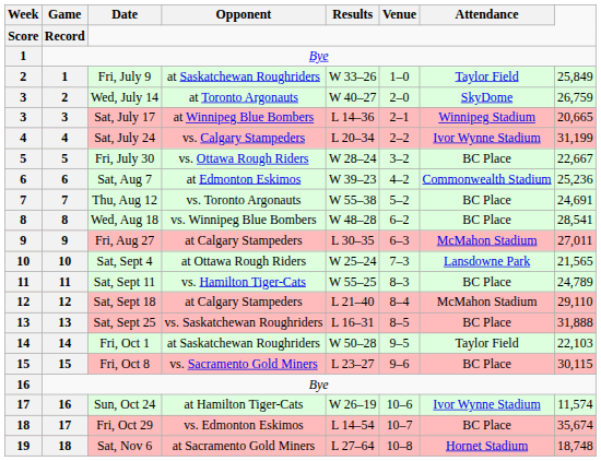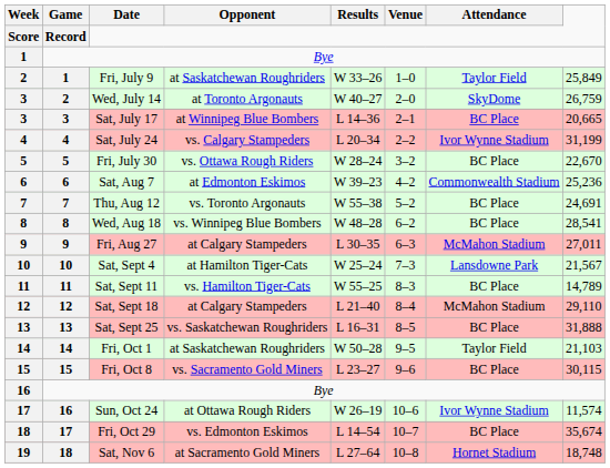 <table class="wikitable" style="text-align:center">
 <tr>
 <th>Week</th>
 <th>Game</th>
 <th>Date</th>
 <th>Opponent</th>
 <th>Results</th>
 <th>Venue</th>
 <th>Attendance</th>
 </tr>
 <tr>
 <th>Score</th>
 <th>Record</th>
 </tr>
 <tr>
 <th>1</th>
 <td colspan=7><em><a href='#'>Bye</a></em></td>
 </tr>
 <tr style="background:#ddffdd">
 <th>2</th>
 <th>1</th>
 <td>Fri, July 9</td>
 <td>at <a href='#'>Saskatchewan Roughriders</a></td>
 <td>W 33–26</td>
 <td>1–0</td>
 <td><a href='#'>Taylor Field</a></td>
 <td>25,849</td>
 </tr>
 <tr style="background:#ddffdd">
 <th>3</th>
 <th>2</th>
 <td>Wed, July 14</td>
 <td>at <a href='#'>Toronto Argonauts</a></td>
 <td>W 40–27</td>
 <td>2–0</td>
 <td><a href='#'>SkyDome</a></td>
 <td>26,759</td>
 </tr>
 <tr style="background:#ffbbbb">
 <th>3</th>
 <th>3</th>
 <td>Sat, July 17</td>
 <td>at <a href='#'>Winnipeg Blue Bombers</a></td>
 <td>L 14–36</td>
 <td>2–1</td>
-<td><a href='#'>Winnipeg Stadium</a></td>
+<td><a href='#'>BC Place</a></td>
 <td>20,665</td>
 </tr>
 <tr style="background:#ffbbbb">
 <th>4</th>
 <th>4</th>
 <td>Sat, July 24</td>
 <td>vs. <a href='#'>Calgary Stampeders</a></td>
 <td>L 20–34</td>
 <td>2–2</td>
 <td><a href='#'>Ivor Wynne Stadium</a></td>
 <td>31,199</td>
 </tr>
 <tr style="background:#ddffdd">
 <th>5</th>
 <th>5</th>
 <td>Fri, July 30</td>
 <td>vs. <a href='#'>Ottawa Rough Riders</a></td>
 <td>W 28–24</td>
 <td>3–2</td>
 <td>BC Place</td>
-<td>22,667</td>
+<td>22,670</td>
 </tr>
 <tr style="background:#ddffdd">
 <th>6</th>
 <th>6</th>
 <td>Sat, Aug 7</td>
 <td>at <a href='#'>Edmonton Eskimos</a></td>
 <td>W 39–23</td>
 <td>4–2</td>
 <td><a href='#'>Commonwealth Stadium</a></td>
 <td>25,236</td>
 </tr>
 <tr style="background:#ddffdd">
 <th>7</th>
 <th>7</th>
 <td>Thu, Aug 12</td>
 <td>vs. Toronto Argonauts</td>
 <td>W 55–38</td>
 <td>5–2</td>
 <td>BC Place</td>
 <td>24,691</td>
 </tr>
 <tr style="background:#ddffdd">
 <th>8</th>
 <th>8</th>
 <td>Wed, Aug 18</td>
 <td>vs. Winnipeg Blue Bombers</td>
 <td>W 48–28</td>
 <td>6–2</td>
 <td>BC Place</td>
 <td>28,541</td>
 </tr>
 <tr style="background:#ffbbbb">
 <th>9</th>
 <th>9</th>
 <td>Fri, Aug 27</td>
 <td>at Calgary Stampeders</td>
 <td>L 30–35</td>
 <td>6–3</td>
 <td><a href='#'>McMahon Stadium</a></td>
 <td>27,011</td>
 </tr>
 <tr style="background:#ddffdd">
 <th>10</th>
 <th>10</th>
 <td>Sat, Sept 4</td>
-<td>at Ottawa Rough Riders</td>
+<td>at Hamilton Tiger-Cats</td>
 <td>W 25–24</td>
 <td>7–3</td>
 <td><a href='#'>Lansdowne Park</a></td>
-<td>21,565</td>
+<td>21,567</td>
 </tr>
 <tr style="background:#ddffdd">
 <th>11</th>
 <th>11</th>
 <td>Sat, Sept 11</td>
 <td>vs. <a href='#'>Hamilton Tiger-Cats</a></td>
 <td>W 55–25</td>
 <td>8–3</td>
 <td>BC Place</td>
-<td>24,789</td>
+<td>14,789</td>
 </tr>
 <tr style="background:#ffbbbb">
 <th>12</th>
 <th>12</th>
 <td>Sat, Sept 18</td>
 <td>at Calgary Stampeders</td>
 <td>L 21–40</td>
 <td>8–4</td>
 <td>McMahon Stadium</td>
 <td>29,110</td>
 </tr>
 <tr style="background:#ffbbbb">
 <th>13</th>
 <th>13</th>
 <td>Sat, Sept 25</td>
 <td>vs. Saskatchewan Roughriders</td>
 <td>L 16–31</td>
 <td>8–5</td>
 <td>BC Place</td>
 <td>31,888</td>
 </tr>
 <tr style="background:#ddffdd">
 <th>14</th>
 <th>14</th>
 <td>Fri, Oct 1</td>
 <td>at Saskatchewan Roughriders</td>
 <td>W 50–28</td>
 <td>9–5</td>
 <td>Taylor Field</td>
-<td>22,103</td>
+<td>21,103</td>
 </tr>
 <tr style="background:#ffbbbb">
 <th>15</th>
 <th>15</th>
 <td>Fri, Oct 8</td>
 <td>vs. <a href='#'>Sacramento Gold Miners</a></td>
 <td>L 23–27</td>
 <td>9–6</td>
 <td>BC Place</td>
 <td>30,115</td>
 </tr>
 <tr>
 <th>16</th>
 <td colspan=7><em>Bye</em></td>
 </tr>
 <tr style="background:#ddffdd">
 <th>17</th>
 <th>16</th>
 <td>Sun, Oct 24</td>
-<td>at Hamilton Tiger-Cats</td>
+<td>at Ottawa Rough Riders</td>
 <td>W 26–19</td>
 <td>10–6</td>
 <td><a href='#'>Ivor Wynne Stadium</a></td>
 <td>11,574</td>
 </tr>
 <tr style="background:#ffbbbb">
 <th>18</th>
 <th>17</th>
 <td>Fri, Oct 29</td>
 <td>vs. Edmonton Eskimos</td>
 <td>L 14–54</td>
 <td>10–7</td>
 <td>BC Place</td>
 <td>35,674</td>
 </tr>
 <tr style="background:#ffbbbb">
 <th>19</th>
 <th>18</th>
 <td>Sat, Nov 6</td>
 <td>at Sacramento Gold Miners</td>
 <td>L 27–64</td>
 <td>10–8</td>
 <td><a href='#'>Hornet Stadium</a></td>
 <td>18,748</td>
 </tr>
 </table>
